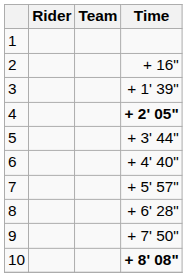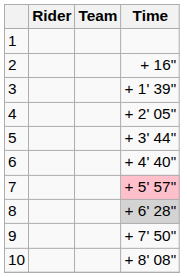 <table class="wikitable">
 <tr>
 <th></th>
 <th>Rider</th>
 <th>Team</th>
 <th>Time</th>
 </tr>
 <tr>
 <td>1</td>
 <td>  </td>
 <td></td>
 <td align="right"></td>
 </tr>
 <tr>
 <td>2</td>
 <td> </td>
 <td></td>
 <td align="right">+ 16"</td>
 </tr>
 <tr>
 <td>3</td>
 <td></td>
 <td></td>
 <td align="right">+ 1' 39"</td>
 </tr>
 <tr>
 <td>4</td>
 <td></td>
 <td></td>
-<td align="right"><strong>+ 2' 05"</strong></td>
+<td align="right">+ 2' 05"</td>
 </tr>
 <tr>
 <td>5</td>
 <td></td>
 <td></td>
 <td align="right">+ 3' 44"</td>
 </tr>
 <tr>
 <td>6</td>
 <td></td>
 <td></td>
 <td align="right">+ 4' 40"</td>
 </tr>
 <tr>
 <td>7</td>
 <td> </td>
 <td></td>
-<td align="right">+ 5' 57"</td>
+<td align="right" style="background: pink;">+ 5' 57"</td>
 </tr>
 <tr>
 <td>8</td>
 <td></td>
 <td></td>
-<td align="right">+ 6' 28"</td>
+<td align="right" style="background: lightgrey;">+ 6' 28"</td>
 </tr>
 <tr>
 <td>9</td>
 <td></td>
 <td></td>
 <td align="right">+ 7' 50"</td>
 </tr>
 <tr>
 <td>10</td>
 <td></td>
 <td></td>
-<td align="right"><strong>+ 8' 08"</strong></td>
+<td align="right">+ 8' 08"</td>
 </tr>
 <tr>
 </tr>
 </table>
